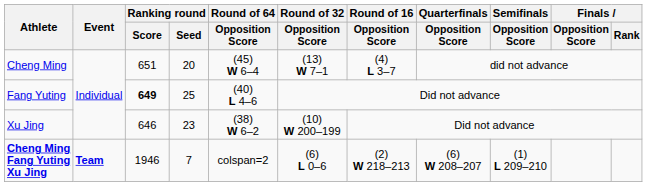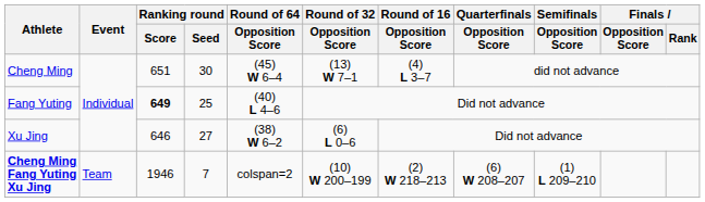 <table class="wikitable" style="font-size:90%">
 <tr>
 <th rowspan="2">Athlete</th>
 <th rowspan="2">Event</th>
 <th colspan="2">Ranking round</th>
 <th>Round of 64</th>
 <th>Round of 32</th>
 <th>Round of 16</th>
 <th>Quarterfinals</th>
 <th>Semifinals</th>
 <th colspan="2">Finals / </th>
 </tr>
 <tr style="font-size:95%">
 <th>Score</th>
 <th>Seed</th>
 <th>Opposition<br>Score</th>
 <th>Opposition<br>Score</th>
 <th>Opposition<br>Score</th>
 <th>Opposition<br>Score</th>
 <th>Opposition<br>Score</th>
 <th>Opposition<br>Score</th>
 <th>Rank</th>
 </tr>
 <tr align=center>
 <td align=left><a href='#'>Cheng Ming</a></td>
 <td align=left rowspan=3><a href='#'>Individual</a></td>
 <td>651</td>
-<td>20</td>
+<td>30</td>
 <td> (45)<br><strong>W</strong> 6–4</td>
 <td> (13)<br><strong>W</strong> 7–1</td>
 <td> (4)<br><strong>L</strong> 3–7</td>
 <td colspan=4>did not advance</td>
 </tr>
 <tr align=center>
 <td align=left><a href='#'>Fang Yuting</a></td>
 <td><strong>649</strong></td>
 <td>25</td>
 <td> (40)<br><strong>L</strong> 4–6</td>
 <td colspan="6">Did not advance</td>
 </tr>
 <tr align=center>
 <td align=left><a href='#'>Xu Jing</a></td>
 <td>646</td>
-<td>23</td>
+<td>27</td>
 <td> (38)<br><strong>W</strong> 6–2</td>
-<td> (10)<br><strong>W</strong> 200–199</td>
+<td> (6)<br><strong>L</strong> 0–6</td>
 <td colspan="5">Did not advance</td>
 </tr>
 <tr align=center>
 <td align=left><strong><a href='#'>Cheng Ming</a><br><a href='#'>Fang Yuting</a><br><a href='#'>Xu Jing</a></strong></td>
-<td align=left><strong><a href='#'>Team</a></strong></td>
+<td align=left><a href='#'>Team</a></td>
 <td>1946</td>
 <td>7</td>
 <td>colspan=2 </td>
-<td> (6)<br><strong>L</strong> 0–6</td>
+<td> (10)<br><strong>W</strong> 200–199</td>
 <td> (2)<br><strong>W</strong> 218–213</td>
 <td> (6)<br><strong>W</strong> 208–207</td>
 <td> (1)<br><strong>L</strong> 209–210</td>
 <td></td>
 </tr>
 </table>
